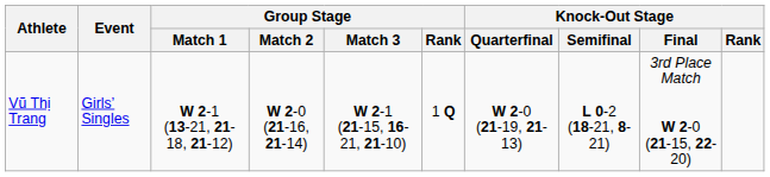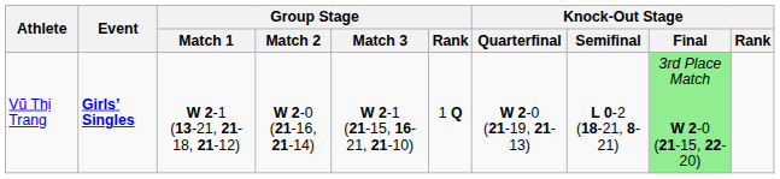 <table class="wikitable" width="85%" style="text-align:left; font-size:90%">
 <tr>
 <th rowspan=2>Athlete</th>
 <th rowspan=2>Event</th>
 <th colspan=4>Group Stage</th>
 <th colspan=4>Knock-Out Stage</th>
 </tr>
 <tr>
 <th>Match 1</th>
 <th>Match 2</th>
 <th>Match 3</th>
 <th>Rank</th>
 <th>Quarterfinal</th>
 <th>Semifinal</th>
 <th>Final</th>
 <th>Rank</th>
 </tr>
 <tr>
 <td><a href='#'>Vũ Thị Trang</a></td>
-<td><a href='#'>Girls’ Singles</a></td>
+<td><strong><a href='#'>Girls’ Singles</a></strong></td>
 <td align=center> <br><br><strong>W</strong> <strong>2</strong>-1 <br> (<strong>13</strong>-21, <strong>21</strong>-18, <strong>21</strong>-12)</td>
 <td align=center> <br><br><strong>W</strong> <strong>2</strong>-0 <br> (<strong>21</strong>-16, <strong>21</strong>-14)</td>
 <td align=center> <br><br><strong>W</strong> <strong>2</strong>-1 <br> (<strong>21</strong>-15, <strong>16</strong>-21, <strong>21</strong>-10)</td>
 <td align=center>1 <strong>Q</strong></td>
 <td align=center> <br><br><strong>W</strong> <strong>2</strong>-0 <br> (<strong>21</strong>-19, <strong>21</strong>-13)</td>
 <td align=center> <br><br><strong>L</strong> <strong>0</strong>-2 <br> (<strong>18</strong>-21, <strong>8</strong>-21)</td>
-<td align=center><em>3rd Place Match</em><br> <br><br><strong>W</strong> <strong>2</strong>-0 <br> (<strong>21</strong>-15, <strong>22</strong>-20)</td>
+<td align=center style="background: lightgreen;"><em>3rd Place Match</em><br> <br><br><strong>W</strong> <strong>2</strong>-0 <br> (<strong>21</strong>-15, <strong>22</strong>-20)</td>
 <td align=center></td>
 </tr>
 </table>
